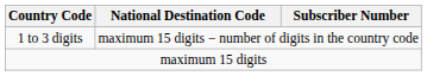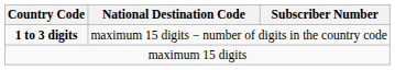 <table class="wikitable">
 <tr>
 <th>Country Code</th>
 <th>National Destination Code</th>
 <th>Subscriber Number</th>
 </tr>
 <tr style="text-align:center;">
-<td>1 to 3 digits</td>
+<td><strong>1 to 3 digits</strong></td>
 <td colspan=2>maximum 15 digits − number of digits in the country code</td>
 </tr>
 <tr>
 <td colspan="3" style="text-align:center;">maximum 15 digits</td>
 </tr>
 </table>
